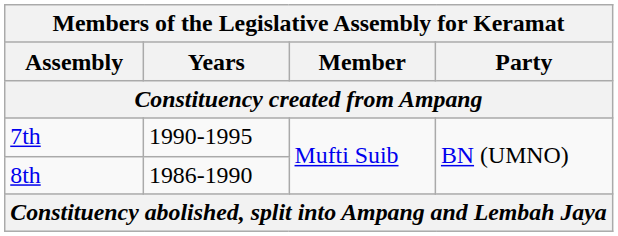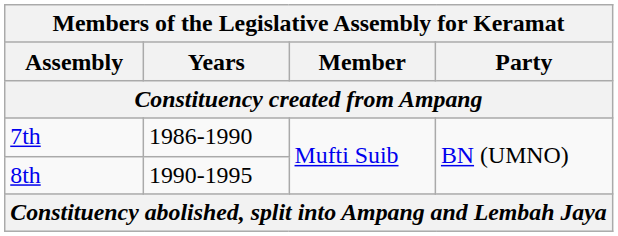 <table class=wikitable>
 <tr>
 <th colspan=4>Members of the Legislative Assembly for Keramat</th>
 </tr>
 <tr>
 <th>Assembly</th>
 <th>Years</th>
 <th>Member</th>
 <th>Party</th>
 </tr>
 <tr>
 <th colspan=4 align=center><em>Constituency created from Ampang</em></th>
 </tr>
 <tr>
 <td><a href='#'>7th</a></td>
-<td>1990-1995</td>
+<td>1986-1990</td>
 <td rowspan=2><a href='#'>Mufti Suib</a></td>
 <td rowspan=2><a href='#'>BN</a> (UMNO)</td>
 </tr>
 <tr>
 <td><a href='#'>8th</a></td>
-<td>1986-1990</td>
+<td>1990-1995</td>
 </tr>
 <tr>
 <th colspan=4 align=center><em>Constituency abolished, split into Ampang and Lembah Jaya</em></th>
 </tr>
 </table>
